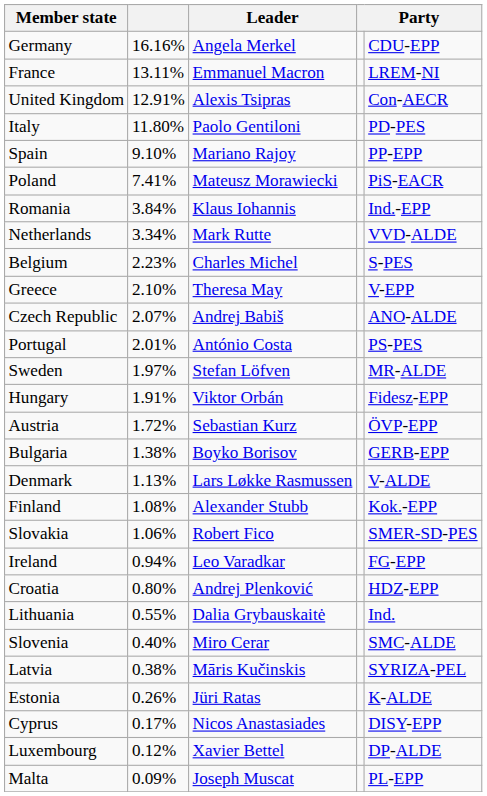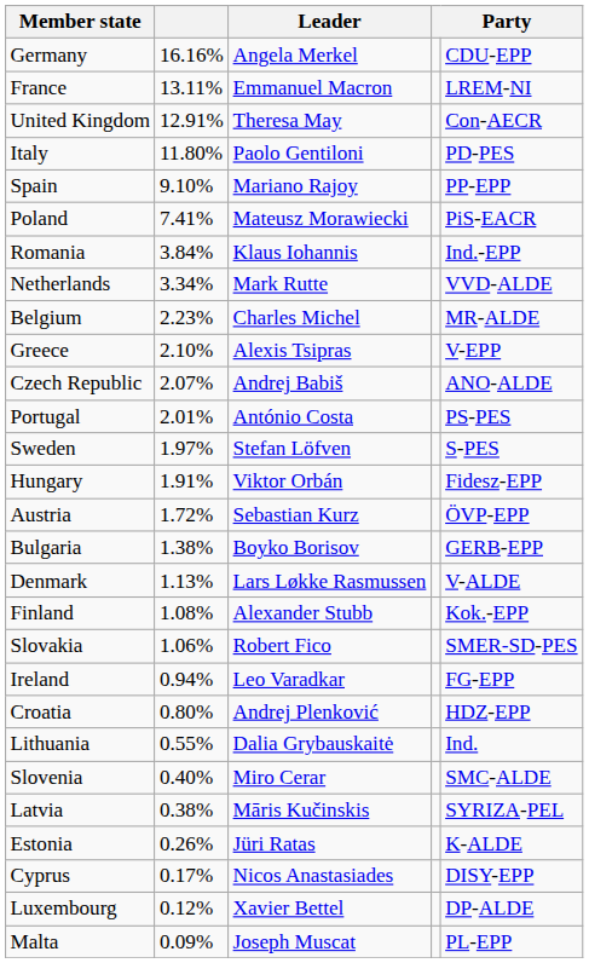 <table class="wikitable">
 <tr>
 <th>Member state</th>
 <th></th>
 <th>Leader</th>
 <th colspan=2>Party</th>
 </tr>
 <tr>
 <td>Germany</td>
 <td>16.16%</td>
 <td><a href='#'>Angela Merkel</a></td>
 <td style="background-color:"></td>
 <td><a href='#'>CDU</a>-<a href='#'>EPP</a></td>
 </tr>
 <tr>
 <td>France</td>
 <td>13.11%</td>
 <td><a href='#'>Emmanuel Macron</a></td>
 <td style="background-color:"></td>
 <td><a href='#'>LREM</a>-<a href='#'>NI</a></td>
 </tr>
 <tr>
 <td>United Kingdom</td>
 <td>12.91%</td>
-<td><a href='#'>Alexis Tsipras</a></td>
+<td><a href='#'>Theresa May</a></td>
 <td style="background-color:"></td>
 <td><a href='#'>Con</a>-<a href='#'>AECR</a></td>
 </tr>
 <tr>
 <td>Italy</td>
 <td>11.80%</td>
 <td><a href='#'>Paolo Gentiloni</a></td>
 <td style="background-color:"></td>
 <td><a href='#'>PD</a>-<a href='#'>PES</a></td>
 </tr>
 <tr>
 <td>Spain</td>
 <td>9.10%</td>
 <td><a href='#'>Mariano Rajoy</a></td>
 <td style="background-color:"></td>
 <td><a href='#'>PP</a>-<a href='#'>EPP</a></td>
 </tr>
 <tr>
 <td>Poland</td>
 <td>7.41%</td>
 <td><a href='#'>Mateusz Morawiecki</a></td>
 <td style="background-color:"></td>
 <td><a href='#'>PiS</a>-<a href='#'>EACR</a></td>
 </tr>
 <tr>
 <td>Romania</td>
 <td>3.84%</td>
 <td><a href='#'>Klaus Iohannis</a></td>
 <td style="background-color:"></td>
 <td><a href='#'>Ind.</a>-<a href='#'>EPP</a></td>
 </tr>
 <tr>
 <td>Netherlands</td>
 <td>3.34%</td>
 <td><a href='#'>Mark Rutte</a></td>
 <td style="background-color:"></td>
 <td><a href='#'>VVD</a>-<a href='#'>ALDE</a></td>
 </tr>
 <tr>
 <td>Belgium</td>
 <td>2.23%</td>
 <td><a href='#'>Charles Michel</a></td>
 <td style="background-color:"></td>
-<td><a href='#'>S</a>-<a href='#'>PES</a></td>
+<td><a href='#'>MR</a>-<a href='#'>ALDE</a></td>
 </tr>
 <tr>
 <td>Greece</td>
 <td>2.10%</td>
-<td><a href='#'>Theresa May</a></td>
+<td><a href='#'>Alexis Tsipras</a></td>
 <td style="background-color:"></td>
 <td><a href='#'>V</a>-<a href='#'>EPP</a></td>
 </tr>
 <tr>
 <td>Czech Republic</td>
 <td>2.07%</td>
 <td><a href='#'>Andrej Babiš</a></td>
 <td style="background-color:"></td>
 <td><a href='#'>ANO</a>-<a href='#'>ALDE</a></td>
 </tr>
 <tr>
 <td>Portugal</td>
 <td>2.01%</td>
 <td><a href='#'>António Costa</a></td>
 <td style="background-color:"></td>
 <td><a href='#'>PS</a>-<a href='#'>PES</a></td>
 </tr>
 <tr>
 <td>Sweden</td>
 <td>1.97%</td>
 <td><a href='#'>Stefan Löfven</a></td>
 <td style="background-color:"></td>
-<td><a href='#'>MR</a>-<a href='#'>ALDE</a></td>
+<td><a href='#'>S</a>-<a href='#'>PES</a></td>
 </tr>
 <tr>
 <td>Hungary</td>
 <td>1.91%</td>
 <td><a href='#'>Viktor Orbán</a></td>
 <td style="background-color:"></td>
 <td><a href='#'>Fidesz</a>-<a href='#'>EPP</a></td>
 </tr>
 <tr>
 <td>Austria</td>
 <td>1.72%</td>
 <td><a href='#'>Sebastian Kurz</a></td>
 <td style="background-color:"></td>
 <td><a href='#'>ÖVP</a>-<a href='#'>EPP</a></td>
 </tr>
 <tr>
 <td>Bulgaria</td>
 <td>1.38%</td>
 <td><a href='#'>Boyko Borisov</a></td>
 <td style="background-color:"></td>
 <td><a href='#'>GERB</a>-<a href='#'>EPP</a></td>
 </tr>
 <tr>
 <td>Denmark</td>
 <td>1.13%</td>
 <td><a href='#'>Lars Løkke Rasmussen</a></td>
 <td style="background-color:"></td>
 <td><a href='#'>V</a>-<a href='#'>ALDE</a></td>
 </tr>
 <tr>
 <td>Finland</td>
 <td>1.08%</td>
 <td><a href='#'>Alexander Stubb</a></td>
 <td style="background-color:"></td>
 <td><a href='#'>Kok.</a>-<a href='#'>EPP</a></td>
 </tr>
 <tr>
 <td>Slovakia</td>
 <td>1.06%</td>
 <td><a href='#'>Robert Fico</a></td>
 <td style="background-color:"></td>
 <td><a href='#'>SMER-SD</a>-<a href='#'>PES</a></td>
 </tr>
 <tr>
 <td>Ireland</td>
 <td>0.94%</td>
 <td><a href='#'>Leo Varadkar</a></td>
 <td style="background-color:"></td>
 <td><a href='#'>FG</a>-<a href='#'>EPP</a></td>
 </tr>
 <tr>
 <td>Croatia</td>
 <td>0.80%</td>
 <td><a href='#'>Andrej Plenković</a></td>
 <td style="background-color:"></td>
 <td><a href='#'>HDZ</a>-<a href='#'>EPP</a></td>
 </tr>
 <tr>
 <td>Lithuania</td>
 <td>0.55%</td>
 <td><a href='#'>Dalia Grybauskaitė</a></td>
 <td style="background-color:"></td>
 <td><a href='#'>Ind.</a></td>
 </tr>
 <tr>
 <td>Slovenia</td>
 <td>0.40%</td>
 <td><a href='#'>Miro Cerar</a></td>
 <td style="background-color:"></td>
 <td><a href='#'>SMC</a>-<a href='#'>ALDE</a></td>
 </tr>
 <tr>
 <td>Latvia</td>
 <td>0.38%</td>
 <td><a href='#'>Māris Kučinskis</a></td>
 <td style="background-color:"></td>
 <td><a href='#'>SYRIZA</a>-<a href='#'>PEL</a></td>
 </tr>
 <tr>
 <td>Estonia</td>
 <td>0.26%</td>
 <td><a href='#'>Jüri Ratas</a></td>
 <td style="background-color:"></td>
 <td><a href='#'>K</a>-<a href='#'>ALDE</a></td>
 </tr>
 <tr>
 <td>Cyprus</td>
 <td>0.17%</td>
 <td><a href='#'>Nicos Anastasiades</a></td>
 <td style="background-color:"></td>
 <td><a href='#'>DISY</a>-<a href='#'>EPP</a></td>
 </tr>
 <tr>
 <td>Luxembourg</td>
 <td>0.12%</td>
 <td><a href='#'>Xavier Bettel</a></td>
 <td style="background-color:"></td>
 <td><a href='#'>DP</a>-<a href='#'>ALDE</a></td>
 </tr>
 <tr>
 <td>Malta</td>
 <td>0.09%</td>
 <td><a href='#'>Joseph Muscat</a></td>
 <td style="background-color:"></td>
 <td><a href='#'>PL</a>-<a href='#'>EPP</a></td>
 </tr>
 <tr>
 </tr>
 </table>
